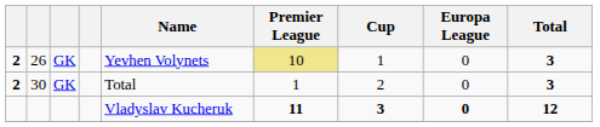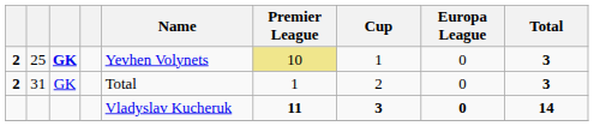 <table class="wikitable" style="text-align:center">
 <tr>
 <th width=15></th>
 <th width=15></th>
 <th width=15></th>
 <th width=15></th>
 <th width=150>Name</th>
 <th width=80><strong>Premier League</strong></th>
 <th width=80><strong>Cup</strong></th>
 <th width=80><strong>Europa League</strong></th>
 <th width=80>Total</th>
 </tr>
 <tr>
 <td><strong>2</strong></td>
-<td>26</td>
-<td><a href='#'>GK</a></td>
+<td>25</td>
+<td><strong><a href='#'>GK</a></strong></td>
 <td></td>
 <td align=left><a href='#'>Yevhen Volynets</a></td>
 <td style="background: khaki;">10</td>
 <td>1</td>
 <td>0</td>
 <td><strong>3</strong></td>
 </tr>
 <tr>
 <td><strong>2</strong></td>
-<td>30</td>
+<td>31</td>
 <td><a href='#'>GK</a></td>
 <td></td>
 <td align=left>Total</td>
 <td>1</td>
 <td>2</td>
 <td>0</td>
 <td><strong>3</strong></td>
 </tr>
 <tr>
 <td></td>
 <td></td>
 <td></td>
 <td></td>
 <td align=left><a href='#'>Vladyslav Kucheruk</a></td>
 <td><strong>11</strong></td>
 <td><strong>3</strong></td>
 <td><strong>0</strong></td>
-<td><strong>12</strong></td>
+<td><strong>14</strong></td>
 </tr>
 <tr>
 </tr>
 </table>
